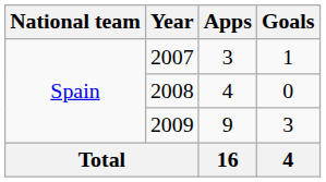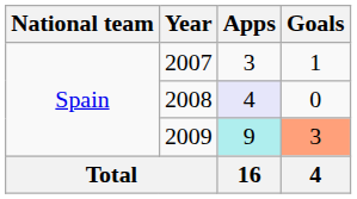 <table class="wikitable" style="text-align:center">
 <tr>
 <th>National team</th>
 <th>Year</th>
 <th>Apps</th>
 <th>Goals</th>
 </tr>
 <tr>
 <td rowspan="3"><a href='#'>Spain</a></td>
 <td>2007</td>
 <td>3</td>
 <td>1</td>
 </tr>
 <tr>
 <td>2008</td>
-<td>4</td>
+<td style="background: lavender;">4</td>
 <td>0</td>
 </tr>
 <tr>
 <td>2009</td>
-<td>9</td>
-<td>3</td>
+<td style="background: paleturquoise;">9</td>
+<td style="background: lightsalmon;">3</td>
 </tr>
 <tr>
 <th colspan="2">Total</th>
 <th>16</th>
 <th>4</th>
 </tr>
 </table>
